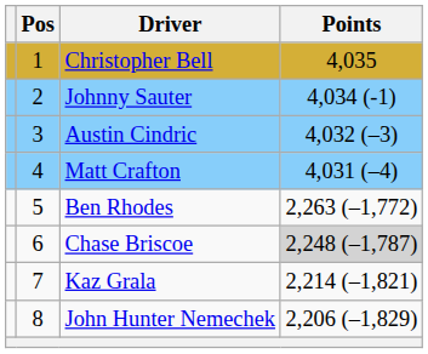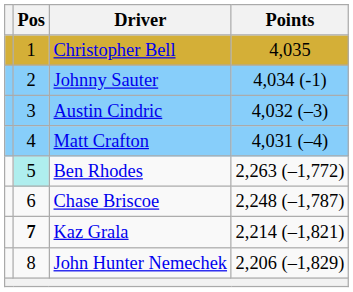 <table class="wikitable" style="font-size: 95%;">
 <tr>
 <th></th>
 <th>Pos</th>
 <th>Driver</th>
 <th>Points</th>
 </tr>
 <tr style="background:#D4AF37;">
 <td align="left"></td>
 <td style="text-align:center;">1</td>
 <td><a href='#'>Christopher Bell</a></td>
 <td style="text-align:center;">4,035</td>
 </tr>
 <tr style="background:#87CEFA;">
 <td align="left"></td>
 <td style="text-align:center;">2</td>
 <td><a href='#'>Johnny Sauter</a></td>
 <td style="text-align:center;">4,034 (-1)</td>
 </tr>
 <tr style="background:#87CEFA;">
 <td align="left"></td>
 <td style="text-align:center;">3</td>
 <td><a href='#'>Austin Cindric</a></td>
 <td style="text-align:center;">4,032 (–3)</td>
 </tr>
 <tr style="background:#87CEFA;">
 <td align="left"></td>
 <td style="text-align:center;">4</td>
 <td><a href='#'>Matt Crafton</a></td>
 <td style="text-align:center;">4,031 (–4)</td>
 </tr>
 <tr>
 <td align="left"></td>
-<td style="text-align:center;">5</td>
+<td style="background: paleturquoise; text-align:center;">5</td>
 <td><a href='#'>Ben Rhodes</a></td>
 <td style="text-align:center;">2,263 (–1,772)</td>
 </tr>
 <tr>
 <td align="left"></td>
 <td style="text-align:center;">6</td>
 <td><a href='#'>Chase Briscoe</a></td>
-<td style="background: lightgrey; text-align:center;">2,248 (–1,787)</td>
+<td style="text-align:center;">2,248 (–1,787)</td>
 </tr>
 <tr>
 <td align="left"></td>
-<td style="text-align:center;">7</td>
+<td style="text-align:center;"><strong>7</strong></td>
 <td><a href='#'>Kaz Grala</a></td>
 <td style="text-align:center;">2,214 (–1,821)</td>
 </tr>
 <tr>
 <td align="left"></td>
 <td style="text-align:center;">8</td>
 <td><a href='#'>John Hunter Nemechek</a></td>
 <td style="text-align:center;">2,206 (–1,829)</td>
 </tr>
 <tr class="sortbottom">
 <th colspan="9"></th>
 </tr>
 </table>
